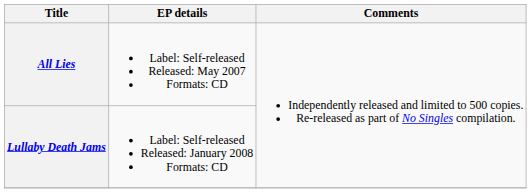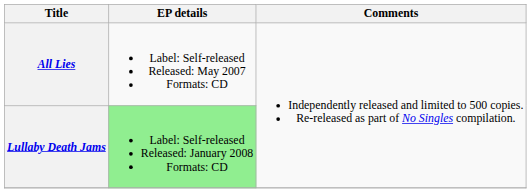 <table class="wikitable plainrowheaders" style="text-align:center;">
 <tr>
 <th scope="col">Title</th>
 <th scope="col">EP details</th>
 <th scope="col">Comments</th>
 </tr>
 <tr>
 <th scope="row"><strong><em><a href='#'>All Lies</a></em></strong></th>
 <td><br><ul><li>Label: Self-released</li><li>Released: May 2007</li><li>Formats: CD</li></ul></td>
 <td rowspan="2"><br><ul><li>Independently released and limited to 500 copies.</li><li>Re-released as part of <em><a href='#'>No Singles</a></em> compilation.</li></ul></td>
 </tr>
 <tr>
 <th scope="row"><strong><em><a href='#'>Lullaby Death Jams</a></em></strong></th>
-<td><br><ul><li>Label: Self-released</li><li>Released: January 2008</li><li>Formats: CD</li></ul></td>
+<td style="background: lightgreen;"><br><ul><li>Label: Self-released</li><li>Released: January 2008</li><li>Formats: CD</li></ul></td>
 </tr>
 <tr>
 </tr>
 </table>
